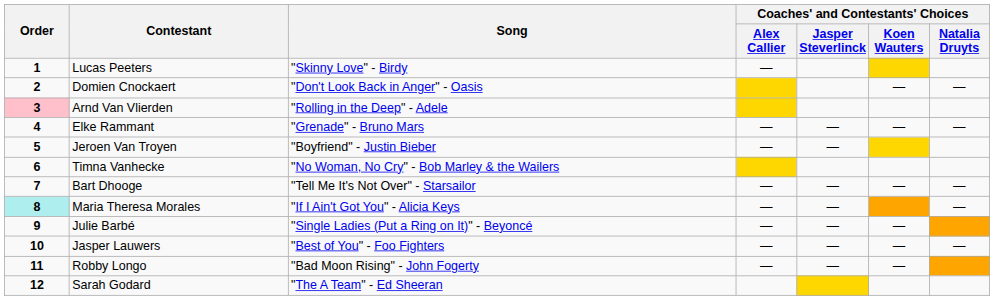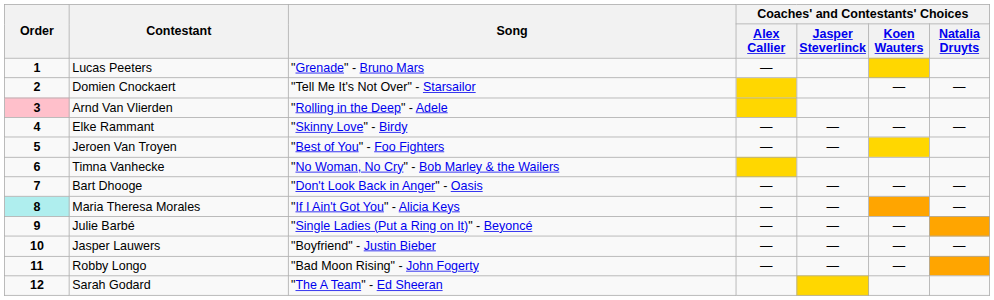 <table class="wikitable" style="width:100%;">
 <tr>
 <th rowspan=2>Order</th>
 <th rowspan=2>Contestant</th>
 <th rowspan=2>Song</th>
 <th colspan=4>Coaches' and Contestants' Choices</th>
 </tr>
 <tr>
 <th width="70"><a href='#'>Alex Callier</a></th>
 <th width="70"><a href='#'>Jasper Steverlinck</a></th>
 <th width="70"><a href='#'>Koen Wauters</a></th>
 <th width="70"><a href='#'>Natalia Druyts</a></th>
 </tr>
 <tr>
 <td align="center"><strong>1</strong></td>
 <td>Lucas Peeters</td>
-<td>"<a href='#'>Skinny Love</a>" - <a href='#'>Birdy</a></td>
+<td>"<a href='#'>Grenade</a>" - <a href='#'>Bruno Mars</a></td>
 <td align="center">—</td>
 <td style="text-align:center;"></td>
 <td style="background:gold;text-align:center;"></td>
 <td style="text-align:center;"></td>
 </tr>
 <tr>
 <td align="center"><strong>2</strong></td>
 <td>Domien Cnockaert</td>
-<td>"<a href='#'>Don't Look Back in Anger</a>" - <a href='#'>Oasis</a></td>
+<td>"Tell Me It's Not Over" - <a href='#'>Starsailor</a></td>
 <td style="background:gold;text-align:center;"></td>
 <td style="text-align:center;"></td>
 <td align="center">—</td>
 <td align="center">—</td>
 </tr>
 <tr>
 <td align="center" style="background: pink;"><strong>3</strong></td>
 <td>Arnd Van Vlierden</td>
 <td>"<a href='#'>Rolling in the Deep</a>" - <a href='#'>Adele</a></td>
 <td style="background:gold;text-align:center;"></td>
 <td style="text-align:center;"></td>
 <td style="text-align:center;"></td>
 <td style="text-align:center;"></td>
 </tr>
 <tr>
 <td align="center"><strong>4</strong></td>
 <td>Elke Rammant</td>
-<td>"<a href='#'>Grenade</a>" - <a href='#'>Bruno Mars</a></td>
+<td>"<a href='#'>Skinny Love</a>" - <a href='#'>Birdy</a></td>
 <td align="center">—</td>
 <td align="center">—</td>
 <td align="center">—</td>
 <td align="center">—</td>
 </tr>
 <tr>
 <td align="center"><strong>5</strong></td>
 <td>Jeroen Van Troyen</td>
-<td>"Boyfriend" - <a href='#'>Justin Bieber</a></td>
+<td>"<a href='#'>Best of You</a>" - <a href='#'>Foo Fighters</a></td>
 <td align="center">—</td>
 <td align="center">—</td>
 <td style="background:gold;text-align:center;"></td>
 <td style="text-align:center;"></td>
 </tr>
 <tr>
 <td align="center"><strong>6</strong></td>
 <td>Timna Vanhecke</td>
 <td>"<a href='#'>No Woman, No Cry</a>" - <a href='#'>Bob Marley & the Wailers</a></td>
 <td style="background:gold;text-align:center;"></td>
 <td style="text-align:center;"></td>
 <td style="text-align:center;"></td>
 <td style="text-align:center;"></td>
 </tr>
 <tr>
 <td align="center"><strong>7</strong></td>
 <td>Bart Dhooge</td>
-<td>"Tell Me It's Not Over" - <a href='#'>Starsailor</a></td>
+<td>"<a href='#'>Don't Look Back in Anger</a>" - <a href='#'>Oasis</a></td>
 <td align="center">—</td>
 <td align="center">—</td>
 <td align="center">—</td>
 <td align="center">—</td>
 </tr>
 <tr>
 <td align="center" style="background: paleturquoise;"><strong>8</strong></td>
 <td>Maria Theresa Morales</td>
 <td>"<a href='#'>If I Ain't Got You</a>" - <a href='#'>Alicia Keys</a></td>
 <td align="center">—</td>
 <td align="center">—</td>
 <td style="background:orange;text-align:center;"></td>
 <td align="center">—</td>
 </tr>
 <tr>
 <td align="center"><strong>9</strong></td>
 <td>Julie Barbé</td>
 <td>"<a href='#'>Single Ladies (Put a Ring on It)</a>" - <a href='#'>Beyoncé</a></td>
 <td align="center">—</td>
 <td align="center">—</td>
 <td align="center">—</td>
 <td style="background:orange;text-align:center;"></td>
 </tr>
 <tr>
 <td align="center"><strong>10</strong></td>
 <td>Jasper Lauwers</td>
-<td>"<a href='#'>Best of You</a>" - <a href='#'>Foo Fighters</a></td>
+<td>"Boyfriend" - <a href='#'>Justin Bieber</a></td>
 <td align="center">—</td>
 <td align="center">—</td>
 <td align="center">—</td>
 <td align="center">—</td>
 </tr>
 <tr>
 <td align="center"><strong>11</strong></td>
 <td>Robby Longo</td>
 <td>"Bad Moon Rising" - <a href='#'>John Fogerty</a></td>
 <td align="center">—</td>
 <td align="center">—</td>
 <td align="center">—</td>
 <td style="background:orange;text-align:center;"></td>
 </tr>
 <tr>
 <td align="center"><strong>12</strong></td>
 <td>Sarah Godard</td>
 <td>"<a href='#'>The A Team</a>" - <a href='#'>Ed Sheeran</a></td>
 <td style="text-align:center;"></td>
 <td style="background:gold;text-align:center;"></td>
 <td style="text-align:center;"></td>
 <td style="text-align:center;"></td>
 </tr>
 </table>
